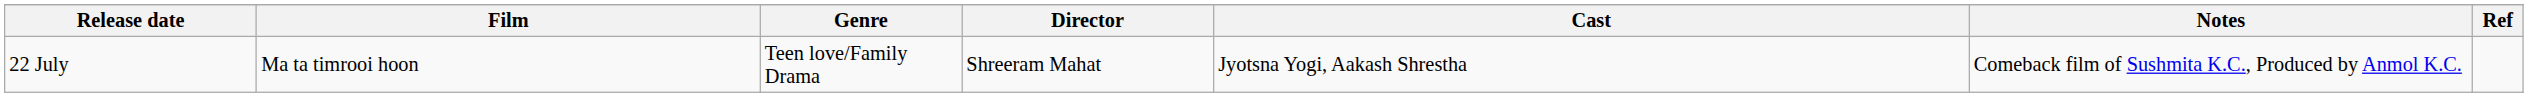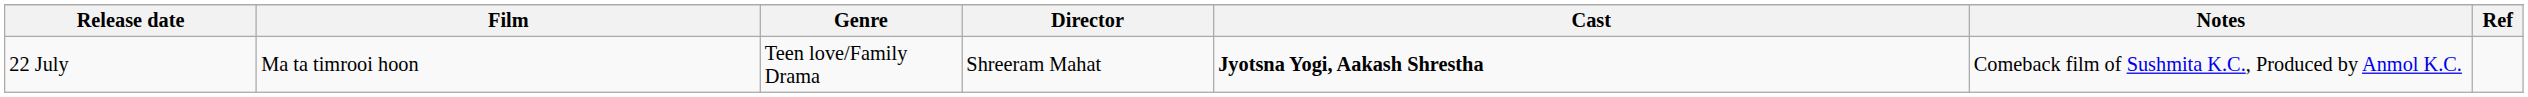 <table class="wikitable sortable" style="width:100%">
 <tr shor>
 </tr>
 <tr>
 <th style="width:10%;">Release date</th>
 <th style="width:20%;">Film</th>
 <th !style="width:10%;">Genre</th>
 <th style="width:10%;">Director</th>
 <th style="width:30%;">Cast</th>
 <th style="width:20%;">Notes</th>
 <th style="width:2%;">Ref</th>
 </tr>
 <tr>
 <td>22 July</td>
 <td>Ma ta timrooi hoon</td>
 <td>Teen love/Family Drama</td>
 <td>Shreeram Mahat</td>
-<td>Jyotsna Yogi, Aakash Shrestha</td>
+<td><strong>Jyotsna Yogi, Aakash Shrestha</strong></td>
 <td>Comeback film of <a href='#'>Sushmita K.C.</a>, Produced by <a href='#'>Anmol K.C.</a></td>
 <td></td>
 </tr>
 </table>
